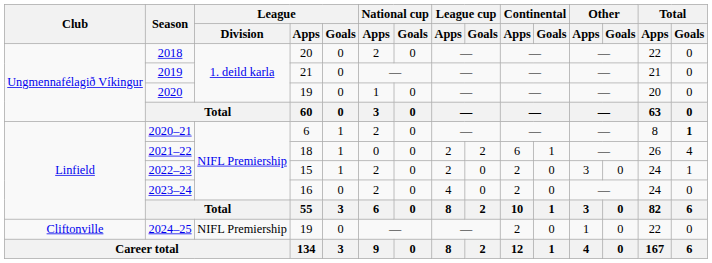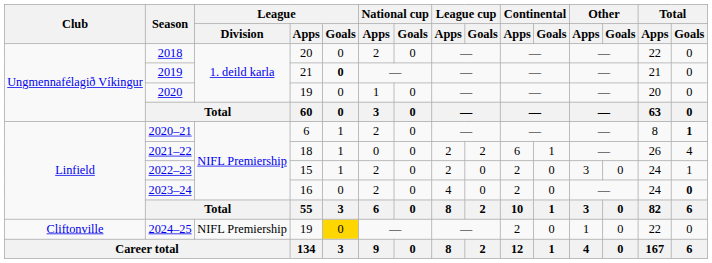 <table class="wikitable" style="text-align:center">
 <tr>
 <th rowspan="2">Club</th>
 <th rowspan="2">Season</th>
 <th colspan="3">League</th>
 <th colspan="2">National cup</th>
 <th colspan="2">League cup</th>
 <th colspan="2">Continental</th>
 <th colspan="2">Other</th>
 <th colspan="2">Total</th>
 </tr>
 <tr>
 <th>Division</th>
 <th>Apps</th>
 <th>Goals</th>
 <th>Apps</th>
 <th>Goals</th>
 <th>Apps</th>
 <th>Goals</th>
 <th>Apps</th>
 <th>Goals</th>
 <th>Apps</th>
 <th>Goals</th>
 <th>Apps</th>
 <th>Goals</th>
 </tr>
 <tr>
 <td rowspan="4"><a href='#'>Ungmennafélagið Víkingur</a></td>
 <td><a href='#'>2018</a></td>
 <td rowspan="3"><a href='#'>1. deild karla</a></td>
 <td>20</td>
 <td>0</td>
 <td>2</td>
 <td>0</td>
 <td colspan="2">—</td>
 <td colspan="2">—</td>
 <td colspan="2">—</td>
 <td>22</td>
 <td>0</td>
 </tr>
 <tr>
 <td><a href='#'>2019</a></td>
 <td>21</td>
-<td>0</td>
+<td><strong>0</strong></td>
 <td colspan="2">—</td>
 <td colspan="2">—</td>
 <td colspan="2">—</td>
 <td colspan="2">—</td>
 <td>21</td>
 <td>0</td>
 </tr>
 <tr>
 <td><a href='#'>2020</a></td>
 <td>19</td>
 <td>0</td>
 <td>1</td>
 <td>0</td>
 <td colspan="2">—</td>
 <td colspan="2">—</td>
 <td colspan="2">—</td>
 <td>20</td>
 <td>0</td>
 </tr>
 <tr>
 <th colspan="2">Total</th>
 <th>60</th>
 <th>0</th>
 <th>3</th>
 <th>0</th>
 <th colspan="2">—</th>
 <th colspan="2">—</th>
 <th colspan="2">—</th>
 <th>63</th>
 <th>0</th>
 </tr>
 <tr>
 <td rowspan="5"><a href='#'>Linfield</a></td>
 <td><a href='#'>2020–21</a></td>
 <td rowspan="4"><a href='#'>NIFL Premiership</a></td>
 <td>6</td>
 <td>1</td>
 <td>2</td>
 <td>0</td>
 <td colspan="2">—</td>
 <td colspan="2">—</td>
 <td colspan="2">—</td>
 <td>8</td>
 <td><strong>1</strong></td>
 </tr>
 <tr>
 <td><a href='#'>2021–22</a></td>
 <td>18</td>
 <td>1</td>
 <td>0</td>
 <td>0</td>
 <td>2</td>
 <td>2</td>
 <td>6</td>
 <td>1</td>
 <td colspan="2">—</td>
 <td>26</td>
 <td>4</td>
 </tr>
 <tr>
 <td><a href='#'>2022–23</a></td>
 <td>15</td>
 <td>1</td>
 <td>2</td>
 <td>0</td>
 <td>2</td>
 <td>0</td>
 <td>2</td>
 <td>0</td>
 <td>3</td>
 <td>0</td>
 <td>24</td>
 <td>1</td>
 </tr>
 <tr>
 <td><a href='#'>2023–24</a></td>
 <td>16</td>
 <td>0</td>
 <td>2</td>
 <td>0</td>
 <td>4</td>
 <td>0</td>
 <td>2</td>
 <td>0</td>
 <td colspan="2">—</td>
 <td>24</td>
-<td>0</td>
+<td><strong>0</strong></td>
 </tr>
 <tr>
 <th colspan="2">Total</th>
 <th>55</th>
 <th>3</th>
 <th>6</th>
 <th>0</th>
 <th>8</th>
 <th>2</th>
 <th>10</th>
 <th>1</th>
 <th>3</th>
 <th>0</th>
 <th>82</th>
 <th>6</th>
 </tr>
 <tr>
 <td><a href='#'>Cliftonville</a></td>
 <td><a href='#'>2024–25</a></td>
 <td>NIFL Premiership</td>
 <td>19</td>
-<td>0</td>
+<td style="background: gold;">0</td>
 <td colspan="2">—</td>
 <td colspan="2">—</td>
 <td>2</td>
 <td>0</td>
 <td>1</td>
 <td>0</td>
 <td>22</td>
 <td>0</td>
 </tr>
 <tr>
 <th colspan="3">Career total</th>
 <th>134</th>
 <th>3</th>
 <th>9</th>
 <th>0</th>
 <th>8</th>
 <th>2</th>
 <th>12</th>
 <th>1</th>
 <th>4</th>
 <th>0</th>
 <th>167</th>
 <th>6</th>
 </tr>
 </table>
